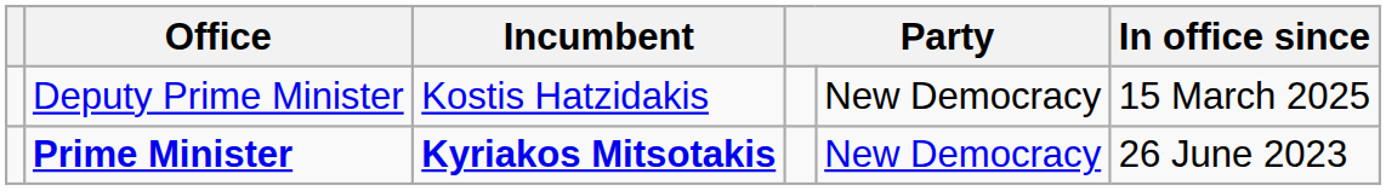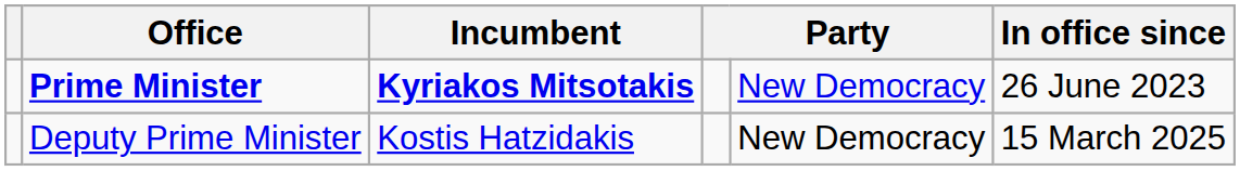 <table class="wikitable" style="font-size: 90%;">
 <tr>
 <th></th>
 <th>Office</th>
 <th>Incumbent</th>
 <th colspan="2">Party</th>
 <th>In office since</th>
 </tr>
 <tr>
 <td></td>
+<td><strong><a href='#'>Prime Minister</a></strong></td>
+<td><strong><a href='#'>Kyriakos Mitsotakis</a></strong></td>
+<td width="5" style="background-color: "></td>
+<td><a href='#'>New Democracy</a></td>
+<td>26 June 2023</td>
+</tr>
+<tr>
+<td></td>
 <td><a href='#'>Deputy Prime Minister</a></td>
 <td><a href='#'>Kostis Hatzidakis</a></td>
 <td width="5" style="background-color: "></td>
 <td>New Democracy</td>
 <td>15 March 2025</td>
 </tr>
-<tr>
-<td></td>
-<td><strong><a href='#'>Prime Minister</a></strong></td>
-<td><strong><a href='#'>Kyriakos Mitsotakis</a></strong></td>
-<td width="5" style="background-color: "></td>
-<td><a href='#'>New Democracy</a></td>
-<td>26 June 2023</td>
-</tr>
 </table>
